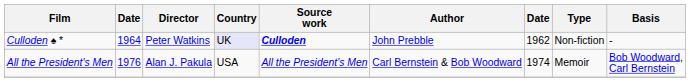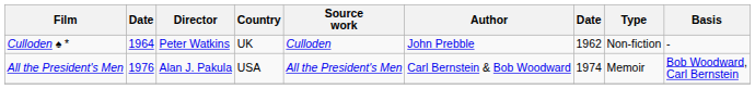 <table class="wikitable">
 <tr>
 <th>Film</th>
 <th>Date</th>
 <th>Director</th>
 <th>Country</th>
 <th>Source<br>work</th>
 <th>Author</th>
 <th>Date</th>
 <th>Type</th>
 <th>Basis</th>
 </tr>
 <tr>
 <td><em><a href='#'>Culloden</a></em>  ♠ *</td>
 <td><a href='#'>1964</a></td>
 <td><a href='#'>Peter Watkins</a></td>
-<td style="background: lavender;">UK</td>
-<td><strong><em><a href='#'>Culloden</a></em></strong></td>
+<td>UK</td>
+<td><em><a href='#'>Culloden</a></em></td>
 <td><a href='#'>John Prebble</a></td>
 <td>1962</td>
 <td>Non-fiction</td>
 <td>-</td>
 </tr>
 <tr>
 <td><em><a href='#'>All the President's Men</a></em></td>
 <td><a href='#'>1976</a></td>
 <td><a href='#'>Alan J. Pakula</a></td>
 <td>USA</td>
 <td><em><a href='#'>All the President's Men</a></em></td>
 <td><a href='#'>Carl Bernstein</a> & <a href='#'>Bob Woodward</a></td>
 <td>1974</td>
 <td>Memoir</td>
 <td><a href='#'>Bob Woodward</a>,<br><a href='#'>Carl Bernstein</a></td>
 </tr>
 <tr>
 </tr>
 </table>
